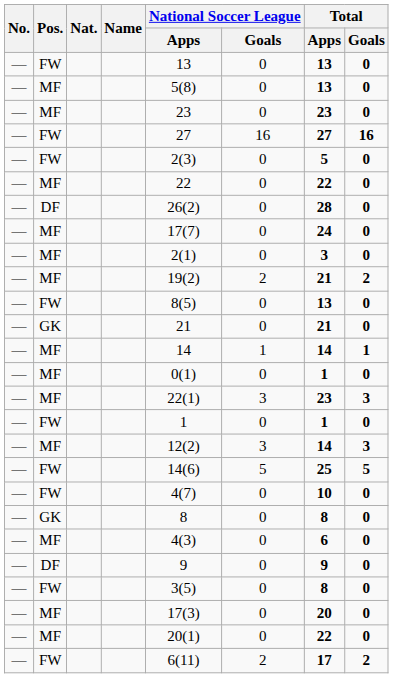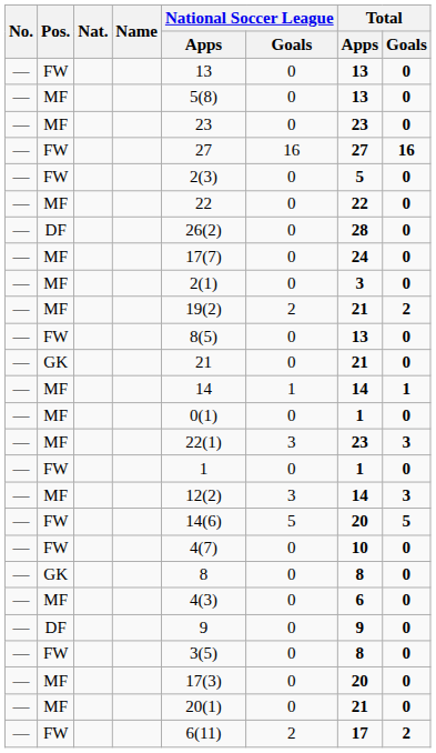 <table class="wikitable sortable" style="text-align:center">
 <tr>
 <th rowspan="2">No.</th>
 <th rowspan="2">Pos.</th>
 <th rowspan="2">Nat.</th>
 <th rowspan="2">Name</th>
 <th colspan="2"><a href='#'>National Soccer League</a></th>
 <th colspan="2">Total</th>
 </tr>
 <tr>
 <th>Apps</th>
 <th>Goals</th>
 <th>Apps</th>
 <th>Goals</th>
 </tr>
 <tr>
 <td>—</td>
 <td>FW</td>
 <td></td>
 <td align=left></td>
 <td>13</td>
 <td>0</td>
 <td><strong>13</strong></td>
 <td><strong>0</strong></td>
 </tr>
 <tr>
 <td>—</td>
 <td>MF</td>
 <td></td>
 <td align=left></td>
 <td>5(8)</td>
 <td>0</td>
 <td><strong>13</strong></td>
 <td><strong>0</strong></td>
 </tr>
 <tr>
 <td>—</td>
 <td>MF</td>
 <td></td>
 <td align=left></td>
 <td>23</td>
 <td>0</td>
 <td><strong>23</strong></td>
 <td><strong>0</strong></td>
 </tr>
 <tr>
 <td>—</td>
 <td>FW</td>
 <td></td>
 <td align=left></td>
 <td>27</td>
 <td>16</td>
 <td><strong>27</strong></td>
 <td><strong>16</strong></td>
 </tr>
 <tr>
 <td>—</td>
 <td>FW</td>
 <td></td>
 <td align=left></td>
 <td>2(3)</td>
 <td>0</td>
 <td><strong>5</strong></td>
 <td><strong>0</strong></td>
 </tr>
 <tr>
 <td>—</td>
 <td>MF</td>
 <td></td>
 <td align=left></td>
 <td>22</td>
 <td>0</td>
 <td><strong>22</strong></td>
 <td><strong>0</strong></td>
 </tr>
 <tr>
 <td>—</td>
 <td>DF</td>
 <td></td>
 <td align=left></td>
 <td>26(2)</td>
 <td>0</td>
 <td><strong>28</strong></td>
 <td><strong>0</strong></td>
 </tr>
 <tr>
 <td>—</td>
 <td>MF</td>
 <td></td>
 <td align=left></td>
 <td>17(7)</td>
 <td>0</td>
 <td><strong>24</strong></td>
 <td><strong>0</strong></td>
 </tr>
 <tr>
 <td>—</td>
 <td>MF</td>
 <td></td>
 <td align=left></td>
 <td>2(1)</td>
 <td>0</td>
 <td><strong>3</strong></td>
 <td><strong>0</strong></td>
 </tr>
 <tr>
 <td>—</td>
 <td>MF</td>
 <td></td>
 <td align=left></td>
 <td>19(2)</td>
 <td>2</td>
 <td><strong>21</strong></td>
 <td><strong>2</strong></td>
 </tr>
 <tr>
 <td>—</td>
 <td>FW</td>
 <td></td>
 <td align=left></td>
 <td>8(5)</td>
 <td>0</td>
 <td><strong>13</strong></td>
 <td><strong>0</strong></td>
 </tr>
 <tr>
 <td>—</td>
 <td>GK</td>
 <td></td>
 <td align=left></td>
 <td>21</td>
 <td>0</td>
 <td><strong>21</strong></td>
 <td><strong>0</strong></td>
 </tr>
 <tr>
 <td>—</td>
 <td>MF</td>
 <td></td>
 <td align=left></td>
 <td>14</td>
 <td>1</td>
 <td><strong>14</strong></td>
 <td><strong>1</strong></td>
 </tr>
 <tr>
 <td>—</td>
 <td>MF</td>
 <td></td>
 <td align=left></td>
 <td>0(1)</td>
 <td>0</td>
 <td><strong>1</strong></td>
 <td><strong>0</strong></td>
 </tr>
 <tr>
 <td>—</td>
 <td>MF</td>
 <td></td>
 <td align=left></td>
 <td>22(1)</td>
 <td>3</td>
 <td><strong>23</strong></td>
 <td><strong>3</strong></td>
 </tr>
 <tr>
 <td>—</td>
 <td>FW</td>
 <td></td>
 <td align=left></td>
 <td>1</td>
 <td>0</td>
 <td><strong>1</strong></td>
 <td><strong>0</strong></td>
 </tr>
 <tr>
 <td>—</td>
 <td>MF</td>
 <td></td>
 <td align=left></td>
 <td>12(2)</td>
 <td>3</td>
 <td><strong>14</strong></td>
 <td><strong>3</strong></td>
 </tr>
 <tr>
 <td>—</td>
 <td>FW</td>
 <td></td>
 <td align=left></td>
 <td>14(6)</td>
 <td>5</td>
-<td><strong>25</strong></td>
+<td><strong>20</strong></td>
 <td><strong>5</strong></td>
 </tr>
 <tr>
 <td>—</td>
 <td>FW</td>
 <td></td>
 <td align=left></td>
 <td>4(7)</td>
 <td>0</td>
 <td><strong>10</strong></td>
 <td><strong>0</strong></td>
 </tr>
 <tr>
 <td>—</td>
 <td>GK</td>
 <td></td>
 <td align=left></td>
 <td>8</td>
 <td>0</td>
 <td><strong>8</strong></td>
 <td><strong>0</strong></td>
 </tr>
 <tr>
 <td>—</td>
 <td>MF</td>
 <td></td>
 <td align=left></td>
 <td>4(3)</td>
 <td>0</td>
 <td><strong>6</strong></td>
 <td><strong>0</strong></td>
 </tr>
 <tr>
 <td>—</td>
 <td>DF</td>
 <td></td>
 <td align=left></td>
 <td>9</td>
 <td>0</td>
 <td><strong>9</strong></td>
 <td><strong>0</strong></td>
 </tr>
 <tr>
 <td>—</td>
 <td>FW</td>
 <td></td>
 <td align=left></td>
 <td>3(5)</td>
 <td>0</td>
 <td><strong>8</strong></td>
 <td><strong>0</strong></td>
 </tr>
 <tr>
 <td>—</td>
 <td>MF</td>
 <td></td>
 <td align=left></td>
 <td>17(3)</td>
 <td>0</td>
 <td><strong>20</strong></td>
 <td><strong>0</strong></td>
 </tr>
 <tr>
 <td>—</td>
 <td>MF</td>
 <td></td>
 <td align=left></td>
 <td>20(1)</td>
 <td>0</td>
-<td><strong>22</strong></td>
+<td><strong>21</strong></td>
 <td><strong>0</strong></td>
 </tr>
 <tr>
 <td>—</td>
 <td>FW</td>
 <td></td>
 <td align=left></td>
 <td>6(11)</td>
 <td>2</td>
 <td><strong>17</strong></td>
 <td><strong>2</strong></td>
 </tr>
 </table>
